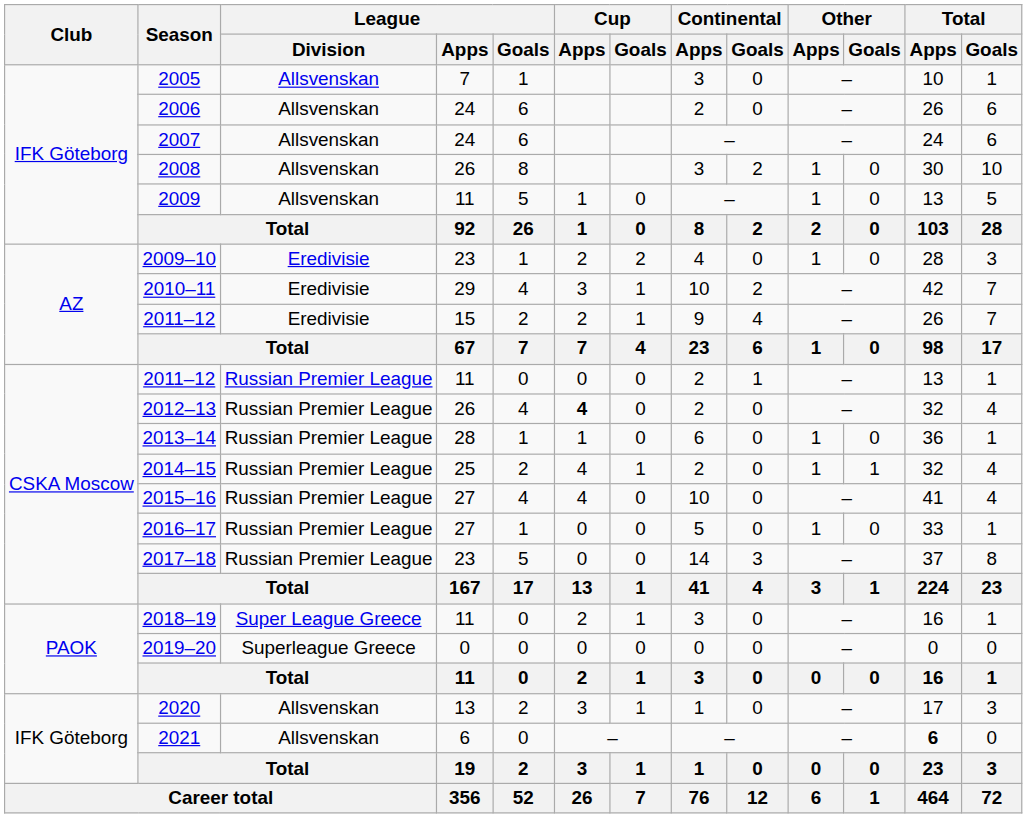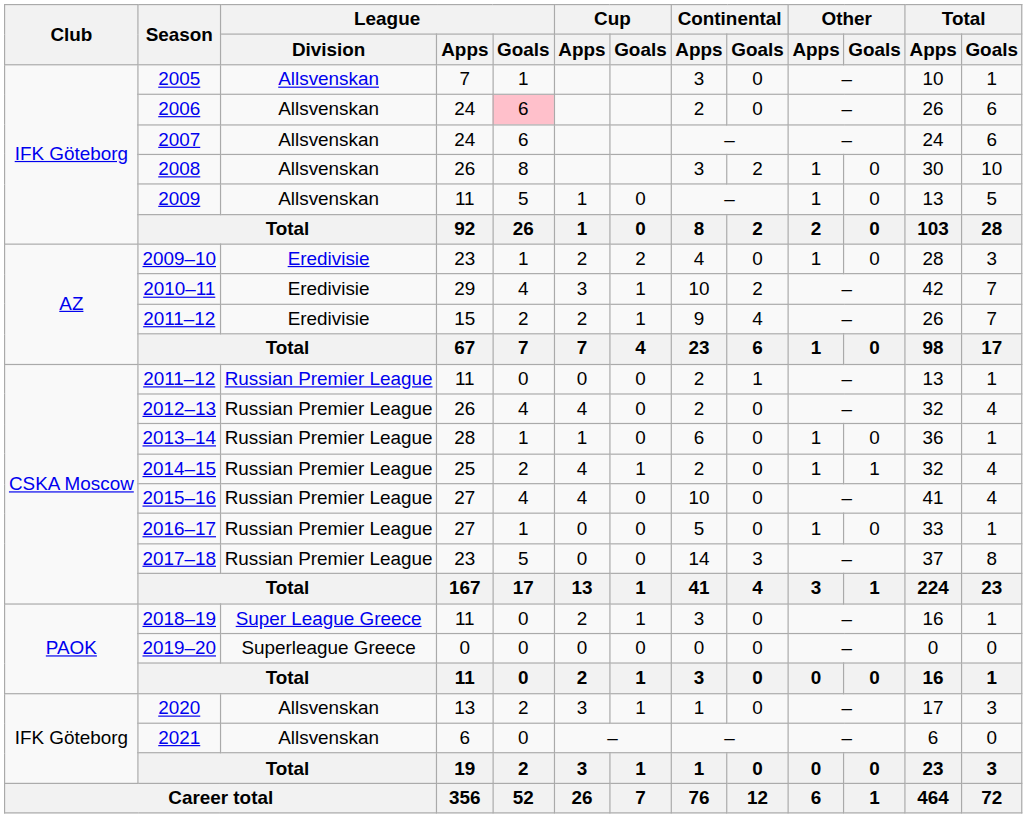 <table class="wikitable" style="text-align:center">
 <tr>
 <th rowspan="2">Club</th>
 <th rowspan="2">Season</th>
 <th colspan="3">League</th>
 <th colspan="2">Cup</th>
 <th colspan="2">Continental</th>
 <th colspan="2">Other</th>
 <th colspan="2">Total</th>
 </tr>
 <tr>
 <th>Division</th>
 <th>Apps</th>
 <th>Goals</th>
 <th>Apps</th>
 <th>Goals</th>
 <th>Apps</th>
 <th>Goals</th>
 <th>Apps</th>
 <th>Goals</th>
 <th>Apps</th>
 <th>Goals</th>
 </tr>
 <tr>
 <td rowspan="6"><a href='#'>IFK Göteborg</a></td>
 <td><a href='#'>2005</a></td>
 <td><a href='#'>Allsvenskan</a></td>
 <td>7</td>
 <td>1</td>
 <td></td>
 <td></td>
 <td>3</td>
 <td>0</td>
 <td colspan="2">–</td>
 <td>10</td>
 <td>1</td>
 </tr>
 <tr>
 <td><a href='#'>2006</a></td>
 <td>Allsvenskan</td>
 <td>24</td>
-<td>6</td>
+<td style="background: pink;">6</td>
 <td></td>
 <td></td>
 <td>2</td>
 <td>0</td>
 <td colspan="2">–</td>
 <td>26</td>
 <td>6</td>
 </tr>
 <tr>
 <td><a href='#'>2007</a></td>
 <td>Allsvenskan</td>
 <td>24</td>
 <td>6</td>
 <td></td>
 <td></td>
 <td colspan="2">–</td>
 <td colspan="2">–</td>
 <td>24</td>
 <td>6</td>
 </tr>
 <tr>
 <td><a href='#'>2008</a></td>
 <td>Allsvenskan</td>
 <td>26</td>
 <td>8</td>
 <td></td>
 <td></td>
 <td>3</td>
 <td>2</td>
 <td>1</td>
 <td>0</td>
 <td>30</td>
 <td>10</td>
 </tr>
 <tr>
 <td><a href='#'>2009</a></td>
 <td>Allsvenskan</td>
 <td>11</td>
 <td>5</td>
 <td>1</td>
 <td>0</td>
 <td colspan="2">–</td>
 <td>1</td>
 <td>0</td>
 <td>13</td>
 <td>5</td>
 </tr>
 <tr>
 <th colspan="2">Total</th>
 <th>92</th>
 <th>26</th>
 <th>1</th>
 <th>0</th>
 <th>8</th>
 <th>2</th>
 <th>2</th>
 <th>0</th>
 <th>103</th>
 <th>28</th>
 </tr>
 <tr>
 <td rowspan="4"><a href='#'>AZ</a></td>
 <td><a href='#'>2009–10</a></td>
 <td><a href='#'>Eredivisie</a></td>
 <td>23</td>
 <td>1</td>
 <td>2</td>
 <td>2</td>
 <td>4</td>
 <td>0</td>
 <td>1</td>
 <td>0</td>
 <td>28</td>
 <td>3</td>
 </tr>
 <tr>
 <td><a href='#'>2010–11</a></td>
 <td>Eredivisie</td>
 <td>29</td>
 <td>4</td>
 <td>3</td>
 <td>1</td>
 <td>10</td>
 <td>2</td>
 <td colspan="2">–</td>
 <td>42</td>
 <td>7</td>
 </tr>
 <tr>
 <td><a href='#'>2011–12</a></td>
 <td>Eredivisie</td>
 <td>15</td>
 <td>2</td>
 <td>2</td>
 <td>1</td>
 <td>9</td>
 <td>4</td>
 <td colspan="2">–</td>
 <td>26</td>
 <td>7</td>
 </tr>
 <tr>
 <th colspan="2">Total</th>
 <th>67</th>
 <th>7</th>
 <th>7</th>
 <th>4</th>
 <th>23</th>
 <th>6</th>
 <th>1</th>
 <th>0</th>
 <th>98</th>
 <th>17</th>
 </tr>
 <tr>
 <td rowspan="8"><a href='#'>CSKA Moscow</a></td>
 <td><a href='#'>2011–12</a></td>
 <td><a href='#'>Russian Premier League</a></td>
 <td>11</td>
 <td>0</td>
 <td>0</td>
 <td>0</td>
 <td>2</td>
 <td>1</td>
 <td colspan="2">–</td>
 <td>13</td>
 <td>1</td>
 </tr>
 <tr>
 <td><a href='#'>2012–13</a></td>
 <td>Russian Premier League</td>
 <td>26</td>
 <td>4</td>
-<td><strong>4</strong></td>
+<td>4</td>
 <td>0</td>
 <td>2</td>
 <td>0</td>
 <td colspan="2">–</td>
 <td>32</td>
 <td>4</td>
 </tr>
 <tr>
 <td><a href='#'>2013–14</a></td>
 <td>Russian Premier League</td>
 <td>28</td>
 <td>1</td>
 <td>1</td>
 <td>0</td>
 <td>6</td>
 <td>0</td>
 <td>1</td>
 <td>0</td>
 <td>36</td>
 <td>1</td>
 </tr>
 <tr>
 <td><a href='#'>2014–15</a></td>
 <td>Russian Premier League</td>
 <td>25</td>
 <td>2</td>
 <td>4</td>
 <td>1</td>
 <td>2</td>
 <td>0</td>
 <td>1</td>
 <td>1</td>
 <td>32</td>
 <td>4</td>
 </tr>
 <tr>
 <td><a href='#'>2015–16</a></td>
 <td>Russian Premier League</td>
 <td>27</td>
 <td>4</td>
 <td>4</td>
 <td>0</td>
 <td>10</td>
 <td>0</td>
 <td colspan="2">–</td>
 <td>41</td>
 <td>4</td>
 </tr>
 <tr>
 <td><a href='#'>2016–17</a></td>
 <td>Russian Premier League</td>
 <td>27</td>
 <td>1</td>
 <td>0</td>
 <td>0</td>
 <td>5</td>
 <td>0</td>
 <td>1</td>
 <td>0</td>
 <td>33</td>
 <td>1</td>
 </tr>
 <tr>
 <td><a href='#'>2017–18</a></td>
 <td>Russian Premier League</td>
 <td>23</td>
 <td>5</td>
 <td>0</td>
 <td>0</td>
 <td>14</td>
 <td>3</td>
 <td colspan="2">–</td>
 <td>37</td>
 <td>8</td>
 </tr>
 <tr>
 <th colspan="2">Total</th>
 <th>167</th>
 <th>17</th>
 <th>13</th>
 <th>1</th>
 <th>41</th>
 <th>4</th>
 <th>3</th>
 <th>1</th>
 <th>224</th>
 <th>23</th>
 </tr>
 <tr>
 <td rowspan="3"><a href='#'>PAOK</a></td>
 <td><a href='#'>2018–19</a></td>
 <td><a href='#'>Super League Greece</a></td>
 <td>11</td>
 <td>0</td>
 <td>2</td>
 <td>1</td>
 <td>3</td>
 <td>0</td>
 <td colspan="2">–</td>
 <td>16</td>
 <td>1</td>
 </tr>
 <tr>
 <td><a href='#'>2019–20</a></td>
 <td>Superleague Greece</td>
 <td>0</td>
 <td>0</td>
 <td>0</td>
 <td>0</td>
 <td>0</td>
 <td>0</td>
 <td colspan="2">–</td>
 <td>0</td>
 <td>0</td>
 </tr>
 <tr>
 <th colspan="2">Total</th>
 <th>11</th>
 <th>0</th>
 <th>2</th>
 <th>1</th>
 <th>3</th>
 <th>0</th>
 <th>0</th>
 <th>0</th>
 <th>16</th>
 <th>1</th>
 </tr>
 <tr>
 <td rowspan="3">IFK Göteborg</td>
 <td><a href='#'>2020</a></td>
 <td>Allsvenskan</td>
 <td>13</td>
 <td>2</td>
 <td>3</td>
 <td>1</td>
 <td>1</td>
 <td>0</td>
 <td colspan="2">–</td>
 <td>17</td>
 <td>3</td>
 </tr>
 <tr>
 <td><a href='#'>2021</a></td>
 <td>Allsvenskan</td>
 <td>6</td>
 <td>0</td>
 <td colspan="2">–</td>
 <td colspan="2">–</td>
 <td colspan="2">–</td>
-<td><strong>6</strong></td>
+<td>6</td>
 <td>0</td>
 </tr>
 <tr>
 <th colspan="2">Total</th>
 <th>19</th>
 <th>2</th>
 <th>3</th>
 <th>1</th>
 <th>1</th>
 <th>0</th>
 <th>0</th>
 <th>0</th>
 <th>23</th>
 <th>3</th>
 </tr>
 <tr>
 <th colspan="3">Career total</th>
 <th>356</th>
 <th>52</th>
 <th>26</th>
 <th>7</th>
 <th>76</th>
 <th>12</th>
 <th>6</th>
 <th>1</th>
 <th>464</th>
 <th>72</th>
 </tr>
 </table>
